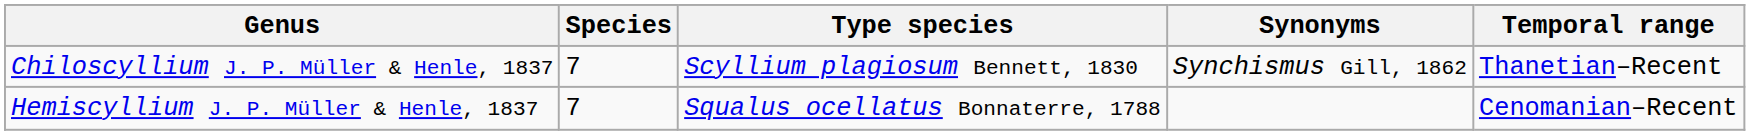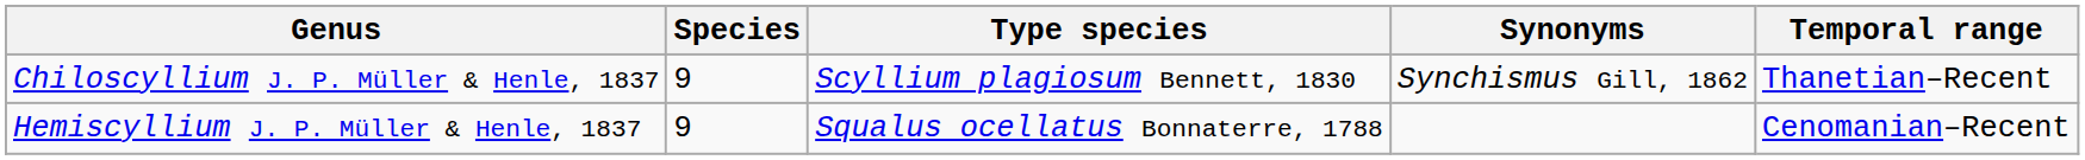 <table class="wikitable sortable" style="align: right;">
 <tr>
 <th>Genus</th>
 <th>Species</th>
 <th>Type species</th>
 <th>Synonyms</th>
 <th>Temporal range</th>
 </tr>
 <tr>
 <td><em><a href='#'>Chiloscyllium</a></em> <small><a href='#'>J. P. Müller</a> & <a href='#'>Henle</a>, 1837</small></td>
-<td>7</td>
+<td>9</td>
 <td><em><a href='#'>Scyllium plagiosum</a></em> <small>Bennett, 1830</small></td>
 <td><em>Synchismus</em> <small>Gill, 1862</small></td>
 <td><a href='#'>Thanetian</a>–Recent</td>
 </tr>
 <tr>
 <td><em><a href='#'>Hemiscyllium</a></em> <small><a href='#'>J. P. Müller</a> & <a href='#'>Henle</a>, 1837</small></td>
-<td>7</td>
+<td>9</td>
 <td><em><a href='#'>Squalus ocellatus</a></em> <small>Bonnaterre, 1788</small></td>
 <td></td>
 <td><a href='#'>Cenomanian</a>–Recent</td>
 </tr>
 </table>
